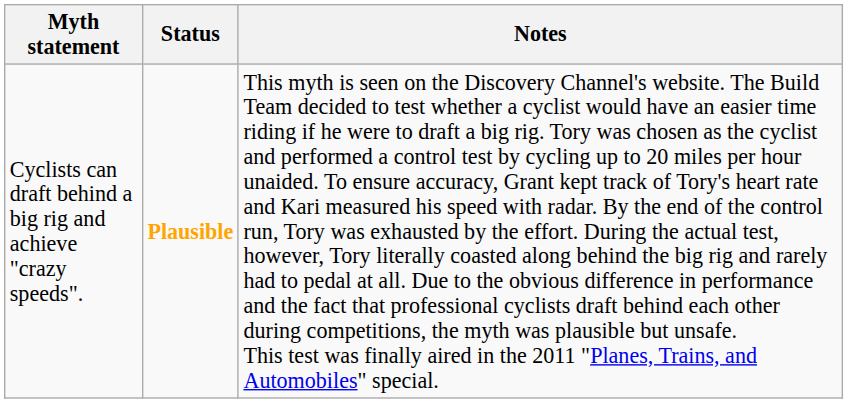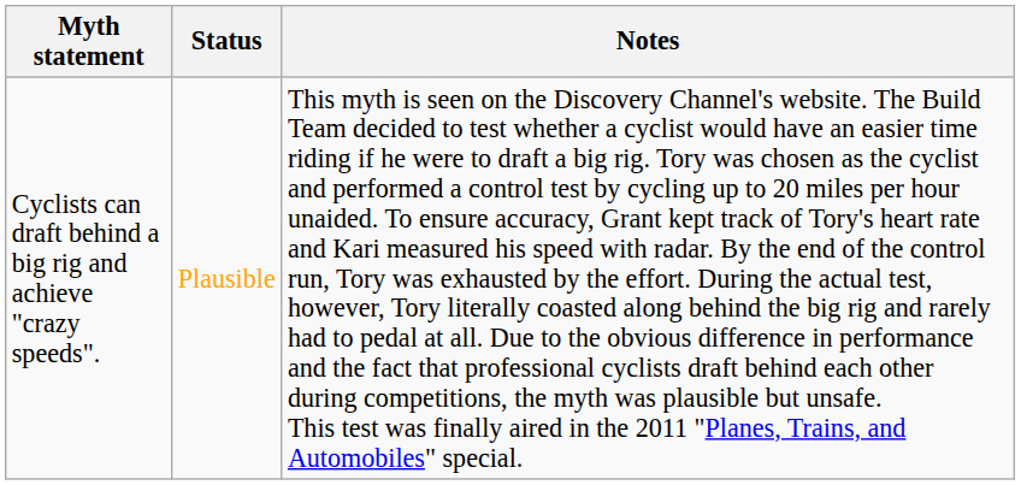 <table class="wikitable plainrowheaders">
 <tr>
 <th>Myth statement</th>
 <th>Status</th>
 <th>Notes</th>
 </tr>
 <tr>
 <td>Cyclists can draft behind a big rig and achieve "crazy speeds".</td>
-<td style="color:orange"><strong>Plausible</strong></td>
+<td style="color:orange">Plausible</td>
 <td>This myth is seen on the Discovery Channel's website. The Build Team decided to test whether a cyclist would have an easier time riding if he were to draft a big rig. Tory was chosen as the cyclist and performed a control test by cycling up to 20 miles per hour unaided. To ensure accuracy, Grant kept track of Tory's heart rate and Kari measured his speed with radar. By the end of the control run, Tory was exhausted by the effort. During the actual test, however, Tory literally coasted along behind the big rig and rarely had to pedal at all. Due to the obvious difference in performance and the fact that professional cyclists draft behind each other during competitions, the myth was plausible but unsafe.<br>This test was finally aired in the 2011 "<a href='#'>Planes, Trains, and Automobiles</a>" special.</td>
 </tr>
 </table>
